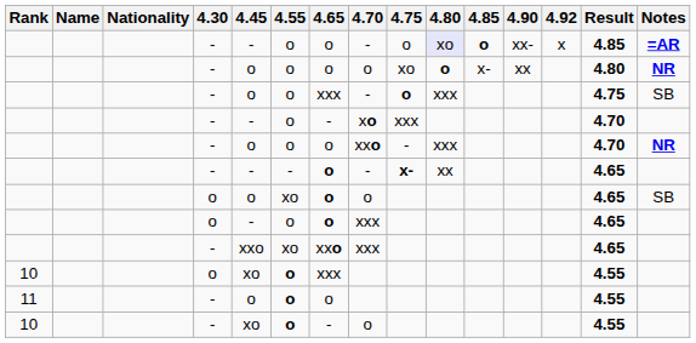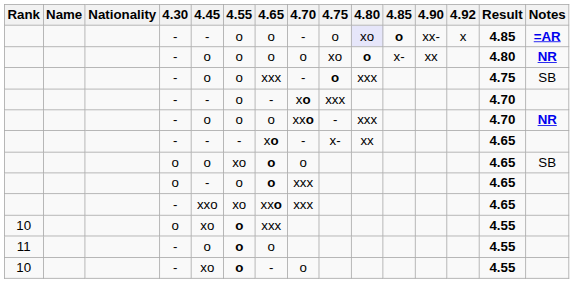 <table class="wikitable sortable" style="text-align:center">
 <tr>
 <th>Rank</th>
 <th>Name</th>
 <th>Nationality</th>
 <th>4.30</th>
 <th>4.45</th>
 <th>4.55</th>
 <th>4.65</th>
 <th>4.70</th>
 <th>4.75</th>
 <th>4.80</th>
 <th>4.85</th>
 <th>4.90</th>
 <th>4.92</th>
 <th>Result</th>
 <th>Notes</th>
 </tr>
 <tr>
 <td></td>
 <td align=left></td>
 <td align=left></td>
 <td>-</td>
 <td>-</td>
 <td>o</td>
 <td>o</td>
 <td>-</td>
 <td>o</td>
 <td style="background: lavender;">xo</td>
 <td><strong>o</strong></td>
 <td>xx-</td>
 <td>x</td>
 <td><strong>4.85</strong></td>
 <td><strong><a href='#'>=AR</a></strong></td>
 </tr>
 <tr>
 <td></td>
 <td align=left></td>
 <td align=left></td>
 <td>-</td>
 <td>o</td>
 <td>o</td>
 <td>o</td>
 <td>o</td>
 <td>xo</td>
 <td><strong>o</strong></td>
 <td>x-</td>
 <td>xx</td>
 <td></td>
 <td><strong>4.80</strong></td>
 <td><strong><a href='#'>NR</a></strong></td>
 </tr>
 <tr>
 <td></td>
 <td align=left></td>
 <td align=left></td>
 <td>-</td>
 <td>o</td>
 <td>o</td>
 <td>xxx</td>
 <td>-</td>
 <td><strong>o</strong></td>
 <td>xxx</td>
 <td></td>
 <td></td>
 <td></td>
 <td><strong>4.75</strong></td>
 <td>SB</td>
 </tr>
 <tr>
 <td></td>
 <td align=left></td>
 <td align=left></td>
 <td>-</td>
 <td>-</td>
 <td>o</td>
 <td>-</td>
 <td>x<strong>o</strong></td>
 <td>xxx</td>
 <td></td>
 <td></td>
 <td></td>
 <td></td>
 <td><strong>4.70</strong></td>
 <td></td>
 </tr>
 <tr>
 <td></td>
 <td align=left></td>
 <td align=left></td>
 <td>-</td>
 <td>o</td>
 <td>o</td>
 <td>o</td>
 <td>xx<strong>o</strong></td>
 <td>-</td>
 <td>xxx</td>
 <td></td>
 <td></td>
 <td></td>
 <td><strong>4.70</strong></td>
 <td><strong><a href='#'>NR</a></strong></td>
 </tr>
 <tr>
 <td></td>
 <td align=left></td>
 <td align=left></td>
 <td>-</td>
 <td>-</td>
 <td>-</td>
-<td><strong>o</strong></td>
+<td>x<strong>o</strong></td>
 <td>-</td>
-<td><strong>x-</strong></td>
+<td>x-</td>
 <td>xx</td>
 <td></td>
 <td></td>
 <td></td>
 <td><strong>4.65</strong></td>
 <td></td>
 </tr>
 <tr>
 <td></td>
 <td align=left></td>
 <td align=left></td>
 <td>o</td>
 <td>o</td>
 <td>xo</td>
 <td><strong>o</strong></td>
 <td>o</td>
 <td></td>
 <td></td>
 <td></td>
 <td></td>
 <td></td>
 <td><strong>4.65</strong></td>
 <td>SB</td>
 </tr>
 <tr>
 <td></td>
 <td align=left></td>
 <td align=left></td>
 <td>o</td>
 <td>-</td>
 <td>o</td>
 <td><strong>o</strong></td>
 <td>xxx</td>
 <td></td>
 <td></td>
 <td></td>
 <td></td>
 <td></td>
 <td><strong>4.65</strong></td>
 <td></td>
 </tr>
 <tr>
 <td></td>
 <td align=left></td>
 <td align=left></td>
 <td>-</td>
 <td>xxo</td>
 <td>xo</td>
 <td>xx<strong>o</strong></td>
 <td>xxx</td>
 <td></td>
 <td></td>
 <td></td>
 <td></td>
 <td></td>
 <td><strong>4.65</strong></td>
 <td></td>
 </tr>
 <tr>
 <td>10</td>
 <td align=left></td>
 <td align=left></td>
 <td>o</td>
 <td>xo</td>
 <td><strong>o</strong></td>
 <td>xxx</td>
 <td></td>
 <td></td>
 <td></td>
 <td></td>
 <td></td>
 <td></td>
 <td><strong>4.55</strong></td>
 <td></td>
 </tr>
 <tr>
 <td>11</td>
 <td align=left></td>
 <td align=left></td>
 <td>-</td>
 <td>o</td>
 <td><strong>o</strong></td>
 <td>o</td>
 <td></td>
 <td></td>
 <td></td>
 <td></td>
 <td></td>
 <td></td>
 <td><strong>4.55</strong></td>
 <td></td>
 </tr>
 <tr>
 <td>10</td>
 <td align=left></td>
 <td align=left></td>
 <td>-</td>
 <td>xo</td>
 <td><strong>o</strong></td>
 <td>-</td>
 <td>o</td>
 <td></td>
 <td></td>
 <td></td>
 <td></td>
 <td></td>
 <td><strong>4.55</strong></td>
 <td></td>
 </tr>
 </table>
